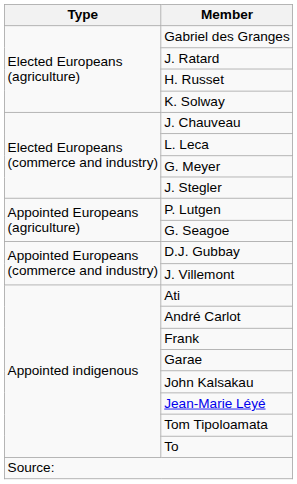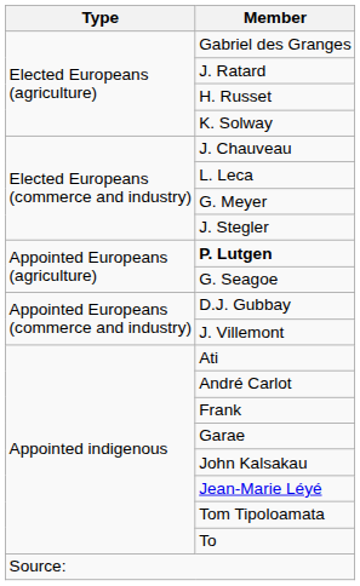 <table class=wikitable>
 <tr>
 <th>Type</th>
 <th>Member</th>
 </tr>
 <tr>
 <td rowspan=4>Elected Europeans<br>(agriculture)</td>
 <td>Gabriel des Granges</td>
 </tr>
 <tr>
 <td>J. Ratard</td>
 </tr>
 <tr>
 <td>H. Russet</td>
 </tr>
 <tr>
 <td>K. Solway</td>
 </tr>
 <tr>
 <td rowspan=4>Elected Europeans<br>(commerce and industry)</td>
 <td>J. Chauveau</td>
 </tr>
 <tr>
 <td>L. Leca</td>
 </tr>
 <tr>
 <td>G. Meyer</td>
 </tr>
 <tr>
 <td>J. Stegler</td>
 </tr>
 <tr>
 <td rowspan=2>Appointed Europeans<br>(agriculture)</td>
-<td>P. Lutgen</td>
+<td><strong>P. Lutgen</strong></td>
 </tr>
 <tr>
 <td>G. Seagoe</td>
 </tr>
 <tr>
 <td rowspan=2>Appointed Europeans<br>(commerce and industry)</td>
 <td>D.J. Gubbay</td>
 </tr>
 <tr>
 <td>J. Villemont</td>
 </tr>
 <tr>
 <td rowspan=8>Appointed indigenous</td>
 <td>Ati</td>
 </tr>
 <tr>
 <td>André Carlot</td>
 </tr>
 <tr>
 <td>Frank</td>
 </tr>
 <tr>
 <td>Garae</td>
 </tr>
 <tr>
 <td>John Kalsakau</td>
 </tr>
 <tr>
 <td><a href='#'>Jean-Marie Léyé</a></td>
 </tr>
 <tr>
 <td>Tom Tipoloamata</td>
 </tr>
 <tr>
 <td>To</td>
 </tr>
 <tr>
 <td colspan=2>Source: </td>
 </tr>
 </table>
